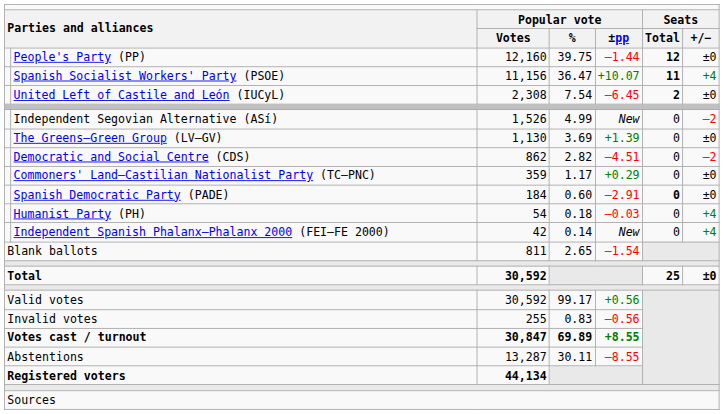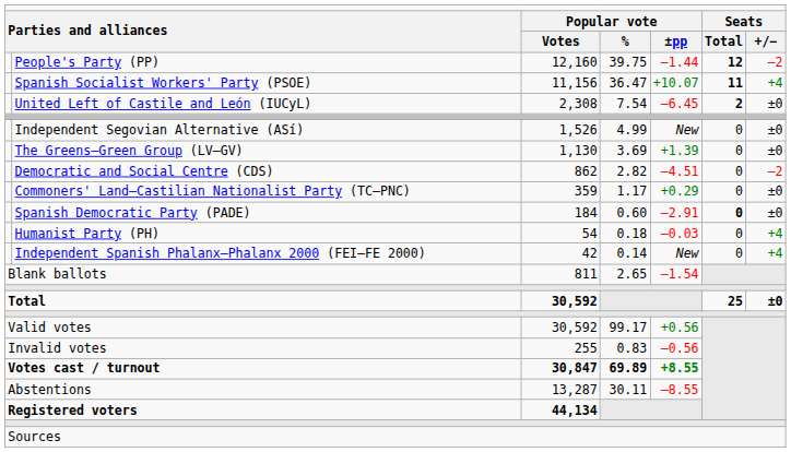 <table class="wikitable" style="text-align:right;">
 <tr>
 <td colspan="7"></td>
 </tr>
 <tr>
 <th style="text-align:left;" rowspan="2" colspan="2" width="525">Parties and alliances</th>
 <th colspan="3">Popular vote</th>
 <th colspan="2">Seats</th>
 </tr>
 <tr>
 <th width="75">Votes</th>
 <th width="45">%</th>
 <th width="45">±<a href='#'>pp</a></th>
 <th width="35">Total</th>
 <th width="35">+/−</th>
 </tr>
 <tr>
 <td width="1" style="color:inherit;background:"></td>
 <td align="left"><a href='#'>People's Party</a> (PP)</td>
 <td>12,160</td>
 <td>39.75</td>
 <td style="color:red;">–1.44</td>
 <td><strong>12</strong></td>
-<td>±0</td>
+<td style="color:red;">–2</td>
 </tr>
 <tr>
 <td style="color:inherit;background:"></td>
 <td align="left"><a href='#'>Spanish Socialist Workers' Party</a> (PSOE)</td>
 <td>11,156</td>
 <td>36.47</td>
 <td style="color:green;">+10.07</td>
 <td><strong>11</strong></td>
 <td style="color:green;">+4</td>
 </tr>
 <tr>
 <td style="color:inherit;background:"></td>
 <td align="left"><a href='#'>United Left of Castile and León</a> (IUCyL)</td>
 <td>2,308</td>
 <td>7.54</td>
 <td style="color:red;">–6.45</td>
 <td><strong>2</strong></td>
 <td>±0</td>
 </tr>
 <tr>
 <td colspan="7" bgcolor="#C0C0C0"></td>
 </tr>
 <tr>
 <td style="color:inherit;background:"></td>
 <td align="left">Independent Segovian Alternative (ASí)</td>
 <td>1,526</td>
 <td>4.99</td>
 <td><em>New</em></td>
 <td>0</td>
-<td style="color:red;">–2</td>
+<td>±0</td>
 </tr>
 <tr>
 <td style="color:inherit;background:"></td>
 <td align="left"><a href='#'>The Greens–Green Group</a> (LV–GV)</td>
 <td>1,130</td>
 <td>3.69</td>
 <td style="color:green;">+1.39</td>
 <td>0</td>
 <td>±0</td>
 </tr>
 <tr>
 <td style="color:inherit;background:"></td>
 <td align="left"><a href='#'>Democratic and Social Centre</a> (CDS)</td>
 <td>862</td>
 <td>2.82</td>
 <td style="color:red;">–4.51</td>
 <td>0</td>
 <td style="color:red;">–2</td>
 </tr>
 <tr>
 <td style="color:inherit;background:"></td>
 <td align="left"><a href='#'>Commoners' Land–Castilian Nationalist Party</a> (TC–PNC)</td>
 <td>359</td>
 <td>1.17</td>
 <td style="color:green;">+0.29</td>
 <td>0</td>
 <td>±0</td>
 </tr>
 <tr>
 <td style="color:inherit;background:"></td>
 <td align="left"><a href='#'>Spanish Democratic Party</a> (PADE)</td>
 <td>184</td>
 <td>0.60</td>
 <td style="color:red;">–2.91</td>
 <td><strong>0</strong></td>
 <td>±0</td>
 </tr>
 <tr>
 <td style="color:inherit;background:"></td>
 <td align="left"><a href='#'>Humanist Party</a> (PH)</td>
 <td>54</td>
 <td>0.18</td>
 <td style="color:red;">–0.03</td>
 <td>0</td>
 <td style="color:green;">+4</td>
 </tr>
 <tr>
 <td style="color:inherit;background:"></td>
 <td align="left"><a href='#'>Independent Spanish Phalanx–Phalanx 2000</a> (FEI–FE 2000)</td>
 <td>42</td>
 <td>0.14</td>
 <td><em>New</em></td>
 <td>0</td>
 <td style="color:green;">+4</td>
 </tr>
 <tr>
 <td align="left" colspan="2">Blank ballots</td>
 <td>811</td>
 <td>2.65</td>
 <td style="color:red;">–1.54</td>
 <td bgcolor="#E9E9E9" colspan="2"></td>
 </tr>
 <tr>
 <td colspan="7" bgcolor="#E9E9E9"></td>
 </tr>
 <tr style="font-weight:bold;">
 <td align="left" colspan="2">Total</td>
 <td>30,592</td>
 <td bgcolor="#E9E9E9" colspan="2"></td>
 <td>25</td>
 <td>±0</td>
 </tr>
 <tr>
 <td colspan="7" bgcolor="#E9E9E9"></td>
 </tr>
 <tr>
 <td align="left" colspan="2">Valid votes</td>
 <td>30,592</td>
 <td>99.17</td>
 <td style="color:green;">+0.56</td>
 <td bgcolor="#E9E9E9" colspan="2" rowspan="5"></td>
 </tr>
 <tr>
 <td align="left" colspan="2">Invalid votes</td>
 <td>255</td>
 <td>0.83</td>
 <td style="color:red;">–0.56</td>
 </tr>
 <tr style="font-weight:bold;">
 <td align="left" colspan="2">Votes cast / turnout</td>
 <td>30,847</td>
 <td>69.89</td>
 <td style="color:green;">+8.55</td>
 </tr>
 <tr>
 <td align="left" colspan="2">Abstentions</td>
 <td>13,287</td>
 <td>30.11</td>
 <td style="color:red;">–8.55</td>
 </tr>
 <tr style="font-weight:bold;">
 <td align="left" colspan="2">Registered voters</td>
 <td>44,134</td>
 <td bgcolor="#E9E9E9" colspan="2"></td>
 </tr>
 <tr>
 <td colspan="7" bgcolor="#E9E9E9"></td>
 </tr>
 <tr>
 <td align="left" colspan="7">Sources</td>
 </tr>
 </table>
